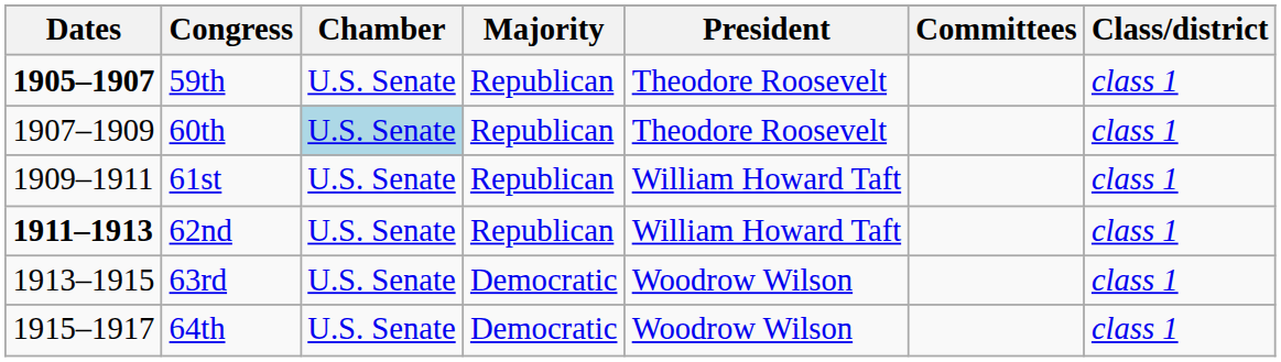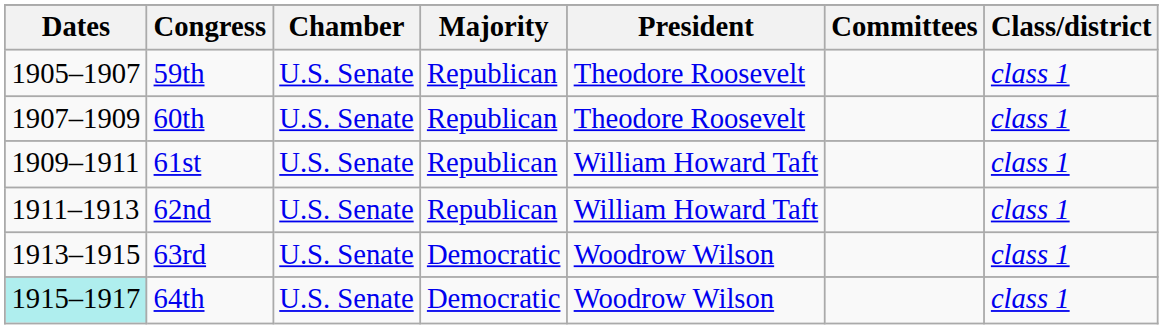 <table class="wikitable">
 <tr>
 </tr>
 <tr>
 <th>Dates</th>
 <th>Congress</th>
 <th>Chamber</th>
 <th>Majority</th>
 <th>President</th>
 <th>Committees</th>
 <th>Class/district</th>
 </tr>
 <tr>
-<td><strong>1905–1907</strong></td>
+<td>1905–1907</td>
 <td><a href='#'>59th</a></td>
 <td><a href='#'>U.S. Senate</a></td>
 <td><a href='#'>Republican</a></td>
 <td><a href='#'>Theodore Roosevelt</a></td>
 <td></td>
 <td><a href='#'><em>class 1</em></a></td>
 </tr>
 <tr>
 <td>1907–1909</td>
 <td><a href='#'>60th</a></td>
-<td style="background: lightblue;"><a href='#'>U.S. Senate</a></td>
+<td><a href='#'>U.S. Senate</a></td>
 <td><a href='#'>Republican</a></td>
 <td><a href='#'>Theodore Roosevelt</a></td>
 <td></td>
 <td><a href='#'><em>class 1</em></a></td>
 </tr>
 <tr>
 <td>1909–1911</td>
 <td><a href='#'>61st</a></td>
 <td><a href='#'>U.S. Senate</a></td>
 <td><a href='#'>Republican</a></td>
 <td><a href='#'>William Howard Taft</a></td>
 <td></td>
 <td><a href='#'><em>class 1</em></a></td>
 </tr>
 <tr>
-<td><strong>1911–1913</strong></td>
+<td>1911–1913</td>
 <td><a href='#'>62nd</a></td>
 <td><a href='#'>U.S. Senate</a></td>
 <td><a href='#'>Republican</a></td>
 <td><a href='#'>William Howard Taft</a></td>
 <td></td>
 <td><a href='#'><em>class 1</em></a></td>
 </tr>
 <tr>
 <td>1913–1915</td>
 <td><a href='#'>63rd</a></td>
 <td><a href='#'>U.S. Senate</a></td>
 <td><a href='#'>Democratic</a></td>
 <td><a href='#'>Woodrow Wilson</a></td>
 <td></td>
 <td><a href='#'><em>class 1</em></a></td>
 </tr>
 <tr>
-<td>1915–1917</td>
+<td style="background: paleturquoise;">1915–1917</td>
 <td><a href='#'>64th</a></td>
 <td><a href='#'>U.S. Senate</a></td>
 <td><a href='#'>Democratic</a></td>
 <td><a href='#'>Woodrow Wilson</a></td>
 <td></td>
 <td><a href='#'><em>class 1</em></a></td>
 </tr>
 </table>
